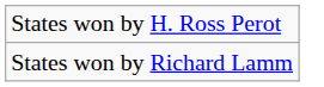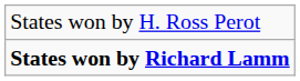 <table class="wikitable">
 <tr>
 <td>States won by <a href='#'>H. Ross Perot</a></td>
 </tr>
 <tr>
-<td>States won by <a href='#'>Richard Lamm</a></td>
+<td><strong>States won by <a href='#'>Richard Lamm</a></strong></td>
 </tr>
 </table>
